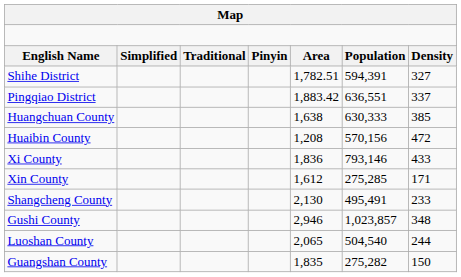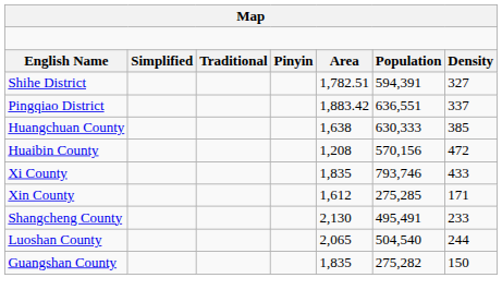 <table class="wikitable" style="font-size:100%;">
 <tr>
 <th colspan=7>Map</th>
 </tr>
 <tr>
 <td colspan=7><div><br>            </div></td>
 </tr>
 <tr>
 <th>English Name</th>
 <th>Simplified</th>
 <th>Traditional</th>
 <th>Pinyin</th>
 <th>Area</th>
 <th>Population</th>
 <th>Density</th>
 </tr>
 <tr>
 <td><a href='#'>Shihe District</a></td>
 <td></td>
 <td></td>
 <td></td>
 <td>1,782.51</td>
 <td>594,391</td>
 <td>327</td>
 </tr>
 <tr>
 <td><a href='#'>Pingqiao District</a></td>
 <td></td>
 <td></td>
 <td></td>
 <td>1,883.42</td>
 <td>636,551</td>
 <td>337</td>
 </tr>
 <tr>
 <td><a href='#'>Huangchuan County</a></td>
 <td></td>
 <td></td>
 <td></td>
 <td>1,638</td>
 <td>630,333</td>
 <td>385</td>
 </tr>
 <tr>
 <td><a href='#'>Huaibin County</a></td>
 <td></td>
 <td></td>
 <td></td>
 <td>1,208</td>
 <td>570,156</td>
 <td>472</td>
 </tr>
 <tr>
 <td><a href='#'>Xi County</a></td>
 <td></td>
 <td></td>
 <td></td>
-<td>1,836</td>
-<td>793,146</td>
+<td>1,835</td>
+<td>793,746</td>
 <td>433</td>
 </tr>
 <tr>
 <td><a href='#'>Xin County</a></td>
 <td></td>
 <td></td>
 <td></td>
 <td>1,612</td>
 <td>275,285</td>
 <td>171</td>
 </tr>
 <tr>
 <td><a href='#'>Shangcheng County</a></td>
 <td></td>
 <td></td>
 <td></td>
 <td>2,130</td>
 <td>495,491</td>
 <td>233</td>
 </tr>
 <tr>
-<td><a href='#'>Gushi County</a></td>
-<td></td>
-<td></td>
-<td></td>
-<td>2,946</td>
-<td>1,023,857</td>
-<td>348</td>
-</tr>
-<tr>
 <td><a href='#'>Luoshan County</a></td>
 <td></td>
 <td></td>
 <td></td>
 <td>2,065</td>
 <td>504,540</td>
 <td>244</td>
 </tr>
 <tr>
 <td><a href='#'>Guangshan County</a></td>
 <td></td>
 <td></td>
 <td></td>
 <td>1,835</td>
 <td>275,282</td>
 <td>150</td>
 </tr>
 </table>
